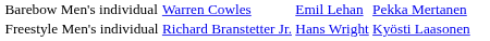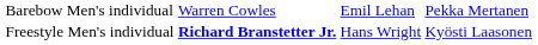 <table>
 <tr>
 <td>Barebow Men's individual<br></td>
 <td> <a href='#'>Warren Cowles</a></td>
 <td> <a href='#'>Emil Lehan</a></td>
 <td> <a href='#'>Pekka Mertanen</a></td>
 </tr>
 <tr>
 <td>Freestyle Men's individual<br></td>
-<td> <a href='#'>Richard Branstetter Jr.</a></td>
+<td><strong> <a href='#'>Richard Branstetter Jr.</a></strong></td>
 <td> <a href='#'>Hans Wright</a></td>
 <td> <a href='#'>Kyösti Laasonen</a></td>
 </tr>
 </table>
